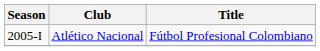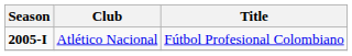 <table class="wikitable">
 <tr>
 <th>Season</th>
 <th>Club</th>
 <th>Title</th>
 </tr>
 <tr>
-<td>2005-I</td>
+<td><strong>2005-I</strong></td>
 <td><a href='#'>Atlético Nacional</a></td>
 <td><a href='#'>Fútbol Profesional Colombiano</a></td>
 </tr>
 <tr>
 </tr>
 </table>
